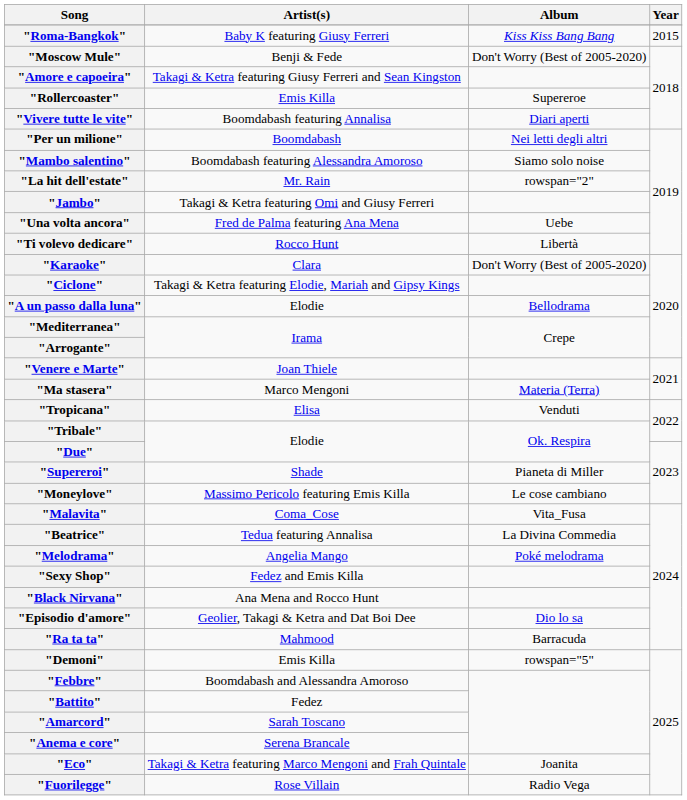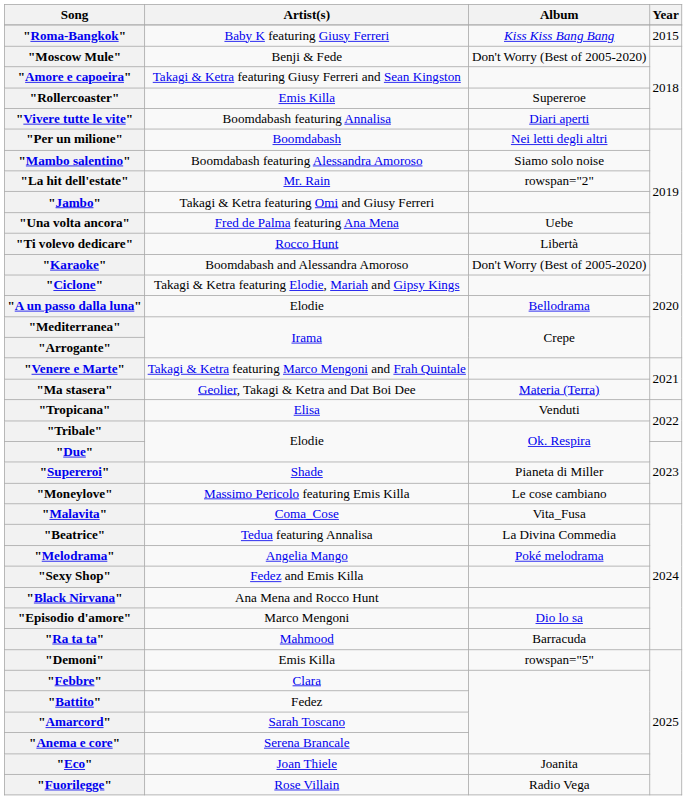 <table class="wikitable sortable plainrowheaders" style="text-align:center;">
 <tr>
 <th scope="col">Song</th>
 <th scope="col">Artist(s)</th>
 <th scope="col" data-sort-type="text">Album</th>
 <th scope="col">Year</th>
 </tr>
 <tr>
 </tr>
 <tr>
 <th scope="row">"<a href='#'>Roma-Bangkok</a>"</th>
 <td><a href='#'>Baby K</a> featuring <a href='#'>Giusy Ferreri</a></td>
 <td><em><a href='#'>Kiss Kiss Bang Bang</a></td>
 <td>2015</td>
 </tr>
 <tr>
 <th scope="row">"Moscow Mule"</th>
 <td>Benji & Fede</td>
 <td></em>Don't Worry (Best of 2005-2020)<em></td>
 <td rowspan="4">2018</td>
 </tr>
 <tr>
 <th scope="row">"<a href='#'>Amore e capoeira</a>"</th>
 <td><a href='#'>Takagi & Ketra</a> featuring Giusy Ferreri and <a href='#'>Sean Kingston</a></td>
 <td></td>
 </tr>
 <tr>
 <th scope="row">"Rollercoaster"</th>
 <td><a href='#'>Emis Killa</a></td>
 <td></em>Supereroe<em></td>
 </tr>
 <tr>
 <th scope="row">"<a href='#'>Vivere tutte le vite</a>"</th>
 <td>Boomdabash featuring <a href='#'>Annalisa</a></td>
 <td></em><a href='#'>Diari aperti</a><em></td>
 </tr>
 <tr>
 <th scope="row">"Per un milione"</th>
 <td><a href='#'>Boomdabash</a></td>
 <td></em><a href='#'>Nei letti degli altri</a><em></td>
 <td rowspan="6">2019</td>
 </tr>
 <tr>
 <th scope="row">"<a href='#'>Mambo salentino</a>"</th>
 <td>Boomdabash featuring <a href='#'>Alessandra Amoroso</a></td>
 <td></em>Siamo solo noise<em></td>
 </tr>
 <tr>
 <th scope="row">"La hit dell'estate"</th>
 <td><a href='#'>Mr. Rain</a></td>
 <td>rowspan="2" </td>
 </tr>
 <tr>
 <th scope="row">"<a href='#'>Jambo</a>"</th>
 <td>Takagi & Ketra featuring <a href='#'>Omi</a> and Giusy Ferreri</td>
 </tr>
 <tr>
 <th scope="row">"Una volta ancora"</th>
 <td><a href='#'>Fred de Palma</a> featuring <a href='#'>Ana Mena</a></td>
 <td></em>Uebe<em></td>
 </tr>
 <tr>
 <th scope="row">"Ti volevo dedicare"</th>
 <td><a href='#'>Rocco Hunt</a></td>
 <td></em>Libertà<em></td>
 </tr>
 <tr>
 <th scope="row">"<a href='#'>Karaoke</a>"</th>
-<td><a href='#'>Clara</a></td>
+<td>Boomdabash and Alessandra Amoroso</td>
 <td></em>Don't Worry (Best of 2005-2020)<em></td>
 <td rowspan="5">2020</td>
 </tr>
 <tr>
 <th scope="row">"<a href='#'>Ciclone</a>"</th>
 <td>Takagi & Ketra featuring <a href='#'>Elodie</a>, <a href='#'>Mariah</a> and <a href='#'>Gipsy Kings</a></td>
 <td></td>
 </tr>
 <tr>
 <th scope="row">"<a href='#'>A un passo dalla luna</a>"</th>
 <td>Elodie</td>
 <td></em><a href='#'>Bellodrama</a><em></td>
 </tr>
 <tr>
 <th scope="row">"Mediterranea"</th>
 <td rowspan="2"><a href='#'>Irama</a></td>
 <td rowspan="2"></em>Crepe<em></td>
 </tr>
 <tr>
 <th scope="row">"Arrogante"</th>
 </tr>
 <tr>
 <th scope="row">"<a href='#'>Venere e Marte</a>"</th>
-<td><a href='#'>Joan Thiele</a></td>
+<td><a href='#'>Takagi & Ketra</a> featuring <a href='#'>Marco Mengoni</a> and <a href='#'>Frah Quintale</a></td>
 <td></td>
 <td rowspan="2">2021</td>
 </tr>
 <tr>
 <th scope="row">"Ma stasera"</th>
-<td>Marco Mengoni</td>
+<td><a href='#'>Geolier</a>, Takagi & Ketra and Dat Boi Dee</td>
 <td></em><a href='#'>Materia (Terra)</a><em></td>
 </tr>
 <tr>
 <th scope="row">"Tropicana"</th>
 <td><a href='#'>Elisa</a></td>
 <td></em>Venduti<em></td>
 <td rowspan="2">2022</td>
 </tr>
 <tr>
 <th scope="row">"Tribale"</th>
 <td rowspan="2">Elodie</td>
 <td rowspan="2"></em><a href='#'>Ok. Respira</a><em></td>
 </tr>
 <tr>
 <th scope="row">"<a href='#'>Due</a>"</th>
 <td rowspan="3">2023</td>
 </tr>
 <tr>
 <th scope="row">"<a href='#'>Supereroi</a>"</th>
 <td><a href='#'>Shade</a></td>
 <td></em>Pianeta di Miller<em></td>
 </tr>
 <tr>
 <th scope="row">"Moneylove"</th>
 <td><a href='#'>Massimo Pericolo</a> featuring Emis Killa</td>
 <td></em>Le cose cambiano<em></td>
 </tr>
 <tr>
 <th scope="row">"<a href='#'>Malavita</a>"</th>
 <td><a href='#'>Coma_Cose</a></td>
 <td></em>Vita_Fusa<em></td>
 <td rowspan="7">2024</td>
 </tr>
 <tr>
 <th scope="row">"Beatrice"</th>
 <td><a href='#'>Tedua</a> featuring Annalisa</td>
 <td></em>La Divina Commedia<em></td>
 </tr>
 <tr>
 <th scope="row">"<a href='#'>Melodrama</a>"</th>
 <td><a href='#'>Angelia Mango</a></td>
 <td></em><a href='#'>Poké melodrama</a><em></td>
 </tr>
 <tr>
 <th scope="row">"Sexy Shop"</th>
 <td><a href='#'>Fedez</a> and Emis Killa</td>
 <td></td>
 </tr>
 <tr>
 <th scope="row">"<a href='#'>Black Nirvana</a>"</th>
 <td>Ana Mena and Rocco Hunt</td>
 <td></td>
 </tr>
 <tr>
 <th scope="row">"Episodio d'amore"</th>
-<td><a href='#'>Geolier</a>, Takagi & Ketra and Dat Boi Dee</td>
+<td>Marco Mengoni</td>
 <td></em><a href='#'>Dio lo sa</a><em></td>
 </tr>
 <tr>
 <th scope="row">"<a href='#'>Ra ta ta</a>"</th>
 <td><a href='#'>Mahmood</a></td>
 <td></em>Barracuda<em></td>
 </tr>
 <tr>
 <th scope="row">"Demoni"</th>
 <td>Emis Killa</td>
 <td>rowspan="5" </td>
 <td rowspan="7">2025</td>
 </tr>
 <tr>
 <th scope="row">"<a href='#'>Febbre</a>"</th>
-<td>Boomdabash and Alessandra Amoroso</td>
+<td><a href='#'>Clara</a></td>
 </tr>
 <tr>
 <th scope="row">"<a href='#'>Battito</a>"</th>
 <td>Fedez</td>
 </tr>
 <tr>
 <th scope="row">"<a href='#'>Amarcord</a>"</th>
 <td><a href='#'>Sarah Toscano</a></td>
 </tr>
 <tr>
 <th scope="row">"<a href='#'>Anema e core</a>"</th>
 <td><a href='#'>Serena Brancale</a></td>
 </tr>
 <tr>
 <th scope="row">"<a href='#'>Eco</a>"</th>
-<td><a href='#'>Takagi & Ketra</a> featuring <a href='#'>Marco Mengoni</a> and <a href='#'>Frah Quintale</a></td>
+<td><a href='#'>Joan Thiele</a></td>
 <td></em>Joanita<em></td>
 </tr>
 <tr>
 <th scope="row">"<a href='#'>Fuorilegge</a>"</th>
 <td><a href='#'>Rose Villain</a></td>
 <td></em>Radio Vega<em></td>
 </tr>
 </table>
